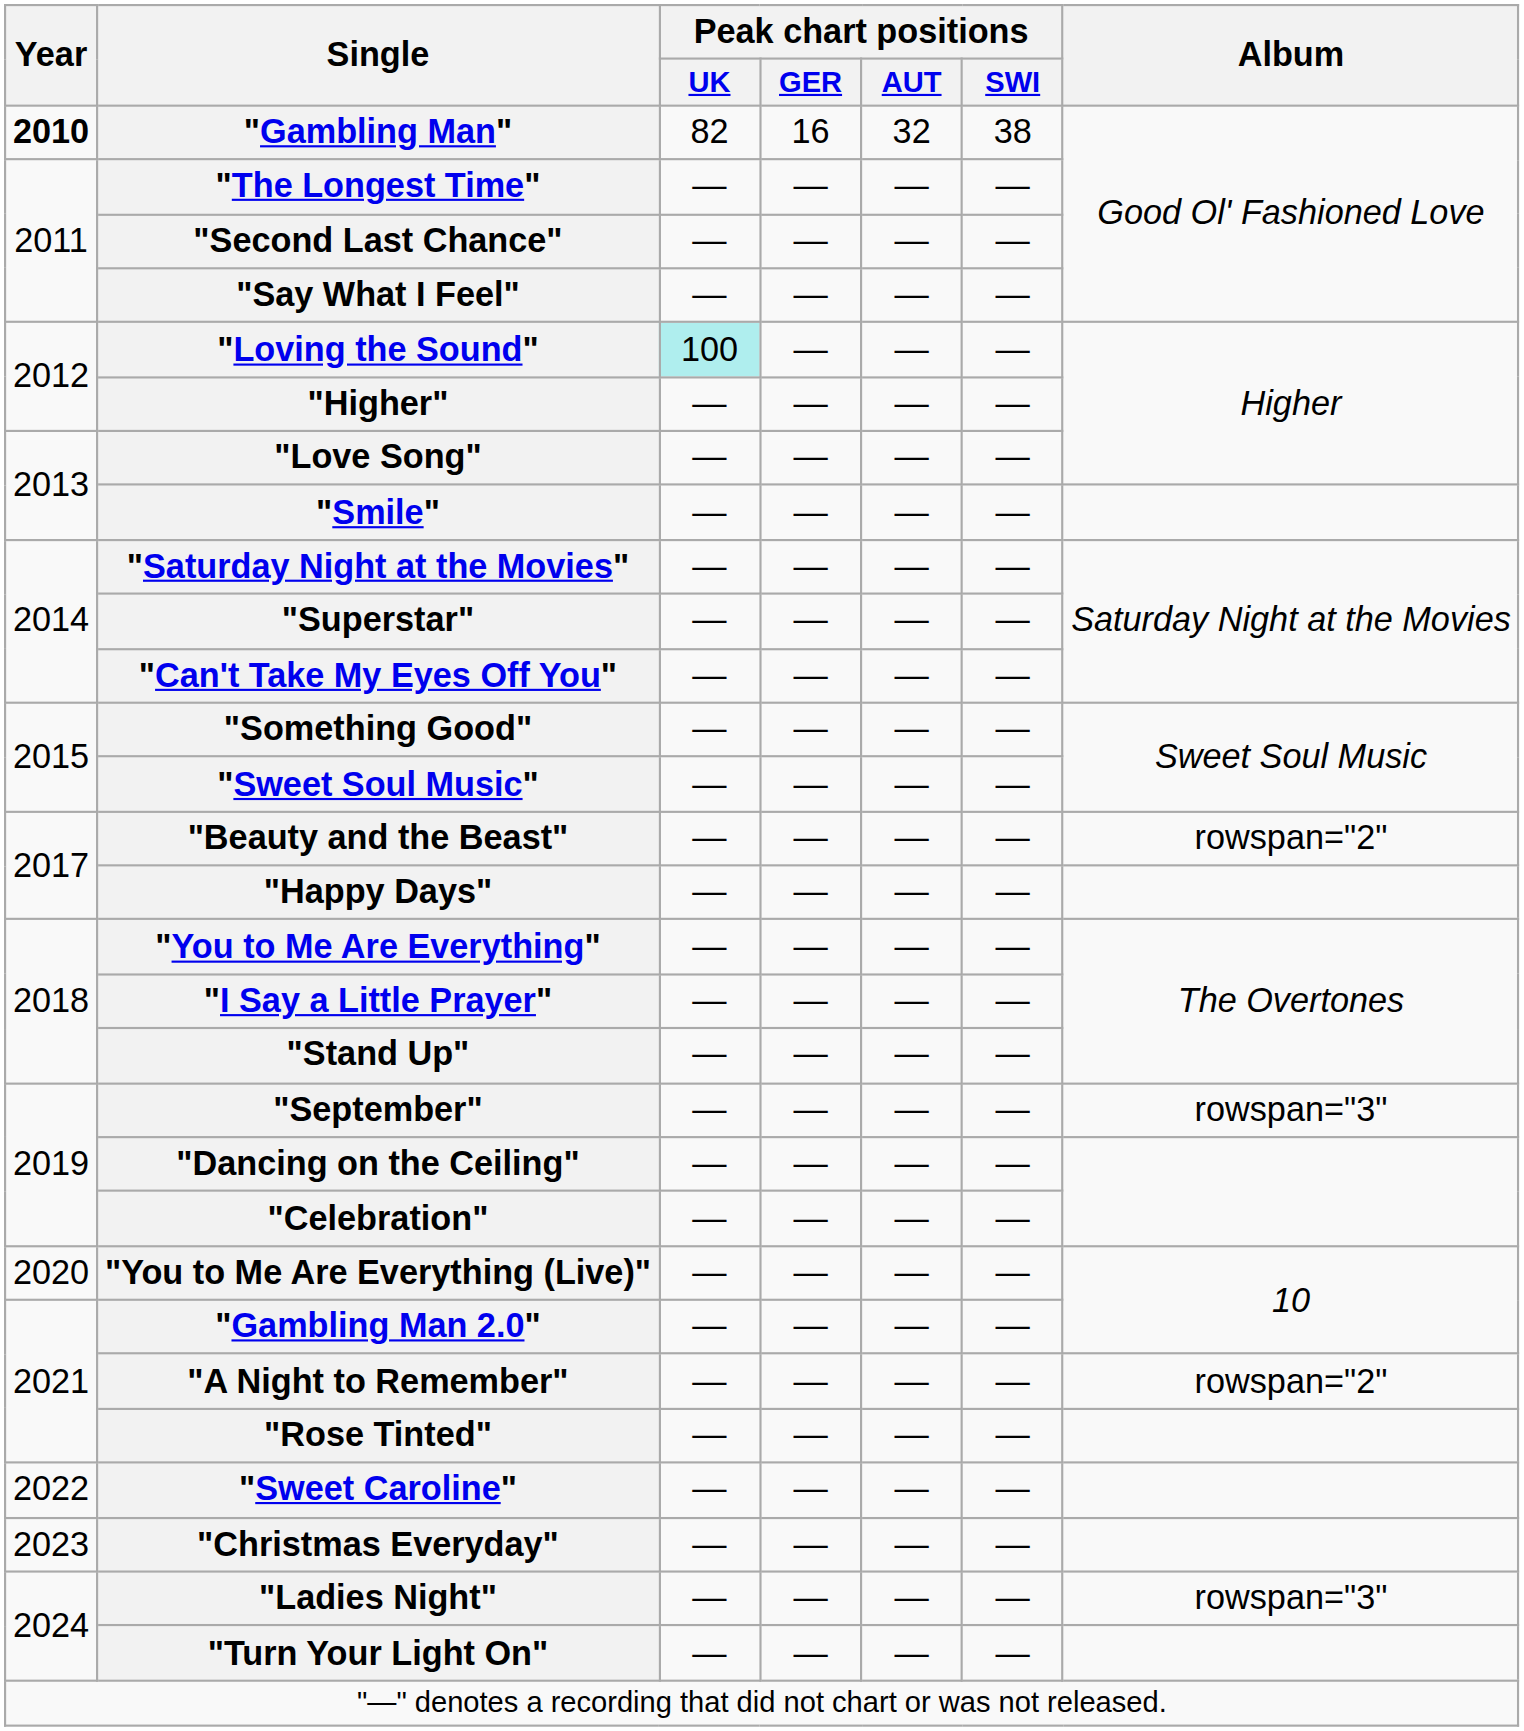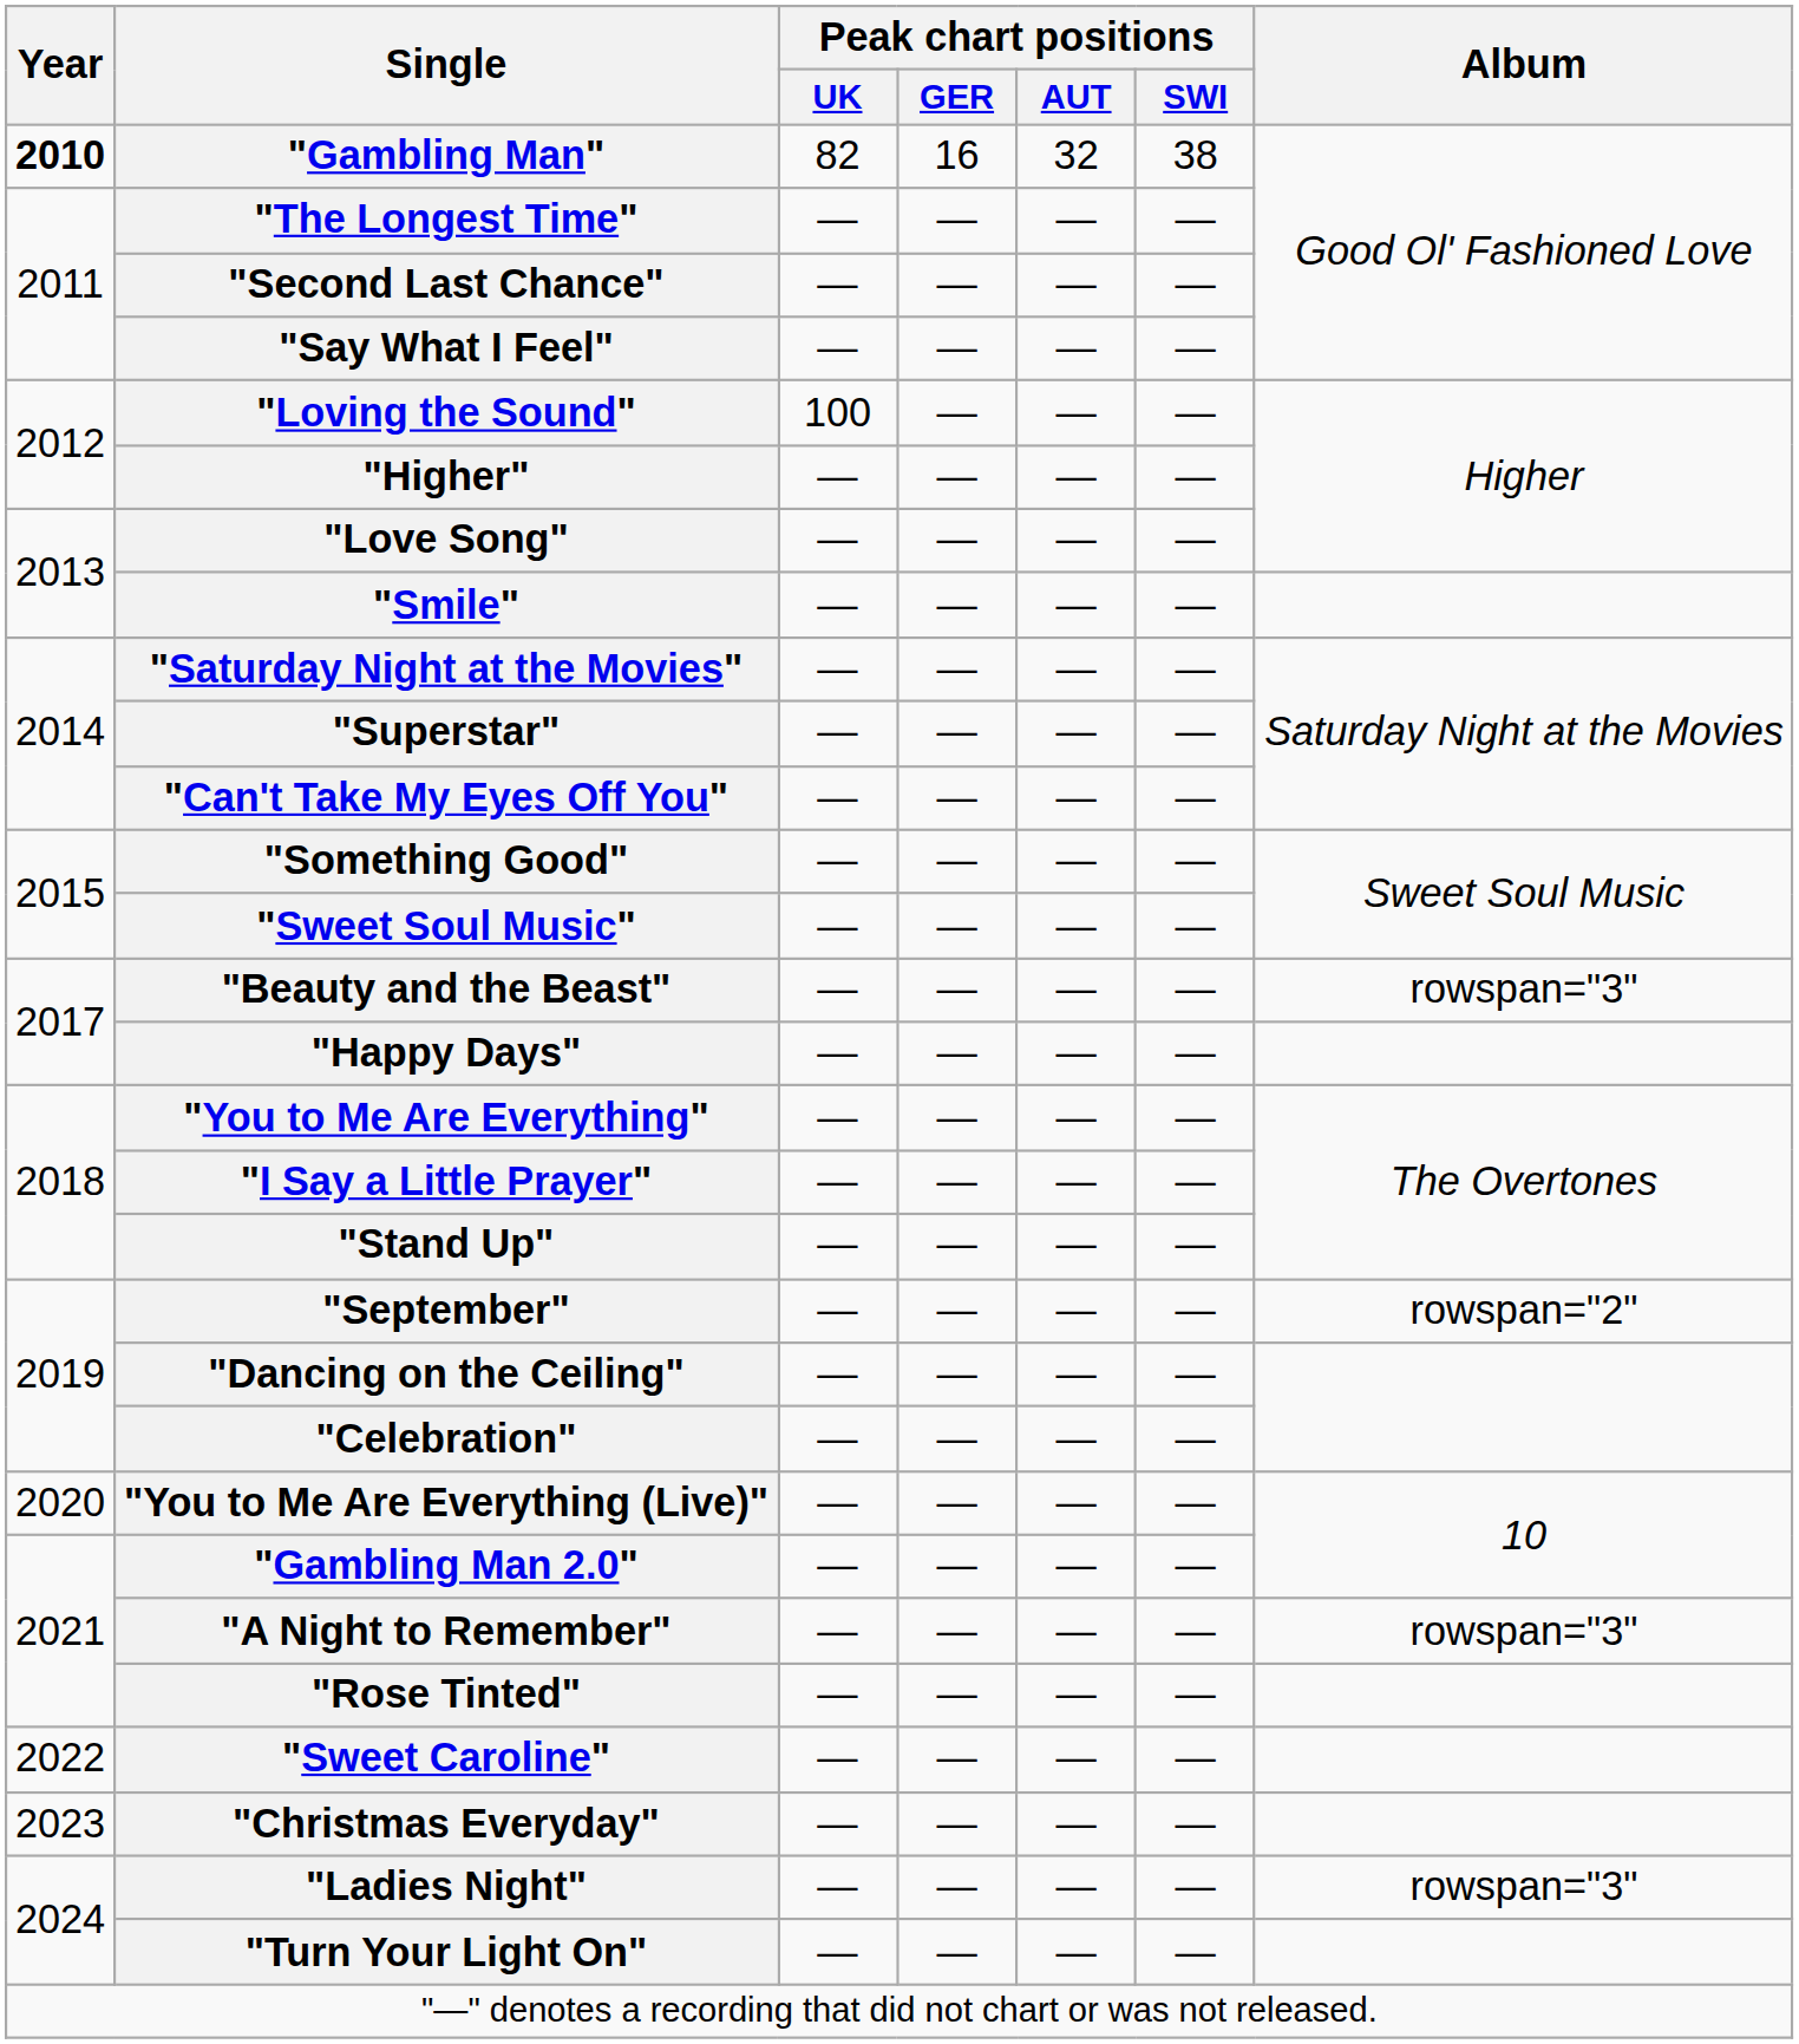 <table class="wikitable plainrowheaders" style="text-align:center;" border="1">
 <tr>
 <th scope="col" rowspan="2">Year</th>
 <th scope="col" rowspan="2">Single</th>
 <th scope="col" colspan="4">Peak chart positions</th>
 <th scope="col" rowspan="2">Album</th>
 </tr>
 <tr>
 <th scope="col" style="width:3em;font-size:85%;"><a href='#'>UK</a><br></th>
 <th scope="col" style="width:3em;font-size:85%;"><a href='#'>GER</a><br></th>
 <th scope="col" style="width:3em;font-size:85%;"><a href='#'>AUT</a><br></th>
 <th scope="col" style="width:3em;font-size:85%;"><a href='#'>SWI</a><br></th>
 </tr>
 <tr>
 <td><strong>2010</strong></td>
 <th scope="row">"<a href='#'>Gambling Man</a>"</th>
 <td>82</td>
 <td>16</td>
 <td>32</td>
 <td>38</td>
 <td rowspan="4"><em>Good Ol' Fashioned Love</em></td>
 </tr>
 <tr>
 <td rowspan="3">2011</td>
 <th scope="row">"<a href='#'>The Longest Time</a>"</th>
 <td>—</td>
 <td>—</td>
 <td>—</td>
 <td>—</td>
 </tr>
 <tr>
 <th scope="row">"Second Last Chance"</th>
 <td>—</td>
 <td>—</td>
 <td>—</td>
 <td>—</td>
 </tr>
 <tr>
 <th scope="row">"Say What I Feel"</th>
 <td>—</td>
 <td>—</td>
 <td>—</td>
 <td>—</td>
 </tr>
 <tr>
 <td rowspan="2">2012</td>
 <th scope="row">"<a href='#'>Loving the Sound</a>"</th>
-<td style="background: paleturquoise;">100</td>
+<td>100</td>
 <td>—</td>
 <td>—</td>
 <td>—</td>
 <td rowspan="3"><em>Higher</em></td>
 </tr>
 <tr>
 <th scope="row">"Higher"</th>
 <td>—</td>
 <td>—</td>
 <td>—</td>
 <td>—</td>
 </tr>
 <tr>
 <td rowspan="2">2013</td>
 <th scope="row">"Love Song"</th>
 <td>—</td>
 <td>—</td>
 <td>—</td>
 <td>—</td>
 </tr>
 <tr>
 <th scope="row">"<a href='#'>Smile</a>"</th>
 <td>—</td>
 <td>—</td>
 <td>—</td>
 <td>—</td>
 <td></td>
 </tr>
 <tr>
 <td rowspan="3">2014</td>
 <th scope="row">"<a href='#'>Saturday Night at the Movies</a>"</th>
 <td>—</td>
 <td>—</td>
 <td>—</td>
 <td>—</td>
 <td rowspan="3"><em>Saturday Night at the Movies</em></td>
 </tr>
 <tr>
 <th scope="row">"Superstar"</th>
 <td>—</td>
 <td>—</td>
 <td>—</td>
 <td>—</td>
 </tr>
 <tr>
 <th scope="row">"<a href='#'>Can't Take My Eyes Off You</a>"</th>
 <td>—</td>
 <td>—</td>
 <td>—</td>
 <td>—</td>
 </tr>
 <tr>
 <td rowspan="2">2015</td>
 <th scope="row">"Something Good"</th>
 <td>—</td>
 <td>—</td>
 <td>—</td>
 <td>—</td>
 <td rowspan="2"><em>Sweet Soul Music</em></td>
 </tr>
 <tr>
 <th scope="row">"<a href='#'>Sweet Soul Music</a>"</th>
 <td>—</td>
 <td>—</td>
 <td>—</td>
 <td>—</td>
 </tr>
 <tr>
 <td rowspan="2">2017</td>
 <th scope="row">"Beauty and the Beast"</th>
 <td>—</td>
 <td>—</td>
 <td>—</td>
 <td>—</td>
-<td>rowspan="2" </td>
+<td>rowspan="3" </td>
 </tr>
 <tr>
 <th scope="row">"Happy Days"</th>
 <td>—</td>
 <td>—</td>
 <td>—</td>
 <td>—</td>
 </tr>
 <tr>
 <td rowspan="3">2018</td>
 <th scope="row">"<a href='#'>You to Me Are Everything</a>"</th>
 <td>—</td>
 <td>—</td>
 <td>—</td>
 <td>—</td>
 <td rowspan="3"><em>The Overtones</em></td>
 </tr>
 <tr>
 <th scope="row">"<a href='#'>I Say a Little Prayer</a>"</th>
 <td>—</td>
 <td>—</td>
 <td>—</td>
 <td>—</td>
 </tr>
 <tr>
 <th scope="row">"Stand Up"</th>
 <td>—</td>
 <td>—</td>
 <td>—</td>
 <td>—</td>
 </tr>
 <tr>
 <td rowspan="3">2019</td>
 <th scope="row">"September"</th>
 <td>—</td>
 <td>—</td>
 <td>—</td>
 <td>—</td>
-<td>rowspan="3" </td>
+<td>rowspan="2" </td>
 </tr>
 <tr>
 <th scope="row">"Dancing on the Ceiling"</th>
 <td>—</td>
 <td>—</td>
 <td>—</td>
 <td>—</td>
 </tr>
 <tr>
 <th scope="row">"Celebration"</th>
 <td>—</td>
 <td>—</td>
 <td>—</td>
 <td>—</td>
 </tr>
 <tr>
 <td>2020</td>
 <th scope="row">"You to Me Are Everything (Live)"</th>
 <td>—</td>
 <td>—</td>
 <td>—</td>
 <td>—</td>
 <td rowspan="2"><em>10</em></td>
 </tr>
 <tr>
 <td rowspan="3">2021</td>
 <th scope="row">"<a href='#'>Gambling Man 2.0</a>"</th>
 <td>—</td>
 <td>—</td>
 <td>—</td>
 <td>—</td>
 </tr>
 <tr>
 <th scope="row">"A Night to Remember"</th>
 <td>—</td>
 <td>—</td>
 <td>—</td>
 <td>—</td>
-<td>rowspan="2" </td>
+<td>rowspan="3" </td>
 </tr>
 <tr>
 <th scope="row">"Rose Tinted"</th>
 <td>—</td>
 <td>—</td>
 <td>—</td>
 <td>—</td>
 </tr>
 <tr>
 <td>2022</td>
 <th scope="row">"<a href='#'>Sweet Caroline</a>"</th>
 <td>—</td>
 <td>—</td>
 <td>—</td>
 <td>—</td>
 <td></td>
 </tr>
 <tr>
 <td>2023</td>
 <th scope="row">"Christmas Everyday"</th>
 <td>—</td>
 <td>—</td>
 <td>—</td>
 <td>—</td>
 <td></td>
 </tr>
 <tr>
 <td rowspan="2">2024</td>
 <th scope="row">"Ladies Night"</th>
 <td>—</td>
 <td>—</td>
 <td>—</td>
 <td>—</td>
 <td>rowspan="3" </td>
 </tr>
 <tr>
 <th scope="row">"Turn Your Light On"</th>
 <td>—</td>
 <td>—</td>
 <td>—</td>
 <td>—</td>
 </tr>
 <tr>
 <td colspan="20" style="font-size:85%;">"—" denotes a recording that did not chart or was not released.</td>
 </tr>
 </table>
